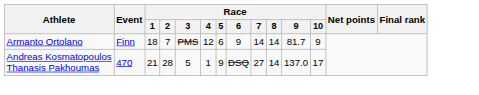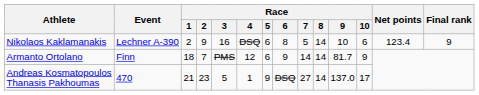 <table class="wikitable" style="font-size:90%">
 <tr>
 <th rowspan="2">Athlete</th>
 <th rowspan="2">Event</th>
 <th colspan=10>Race</th>
 <th rowspan=2>Net points</th>
 <th rowspan=2>Final rank</th>
 </tr>
 <tr style="font-size:95%">
 <th>1</th>
 <th>2</th>
 <th>3</th>
 <th>4</th>
 <th>5</th>
 <th>6</th>
 <th>7</th>
 <th>8</th>
 <th>9</th>
 <th>10</th>
 </tr>
 <tr align=center>
+<td align=left><a href='#'>Nikolaos Kaklamanakis</a></td>
+<td align=left><a href='#'>Lechner A-390</a></td>
+<td>2</td>
+<td>9</td>
+<td>16</td>
+<td><s>DSQ</s></td>
+<td>6</td>
+<td>8</td>
+<td>5</td>
+<td>14</td>
+<td>10</td>
+<td>6</td>
+<td>123.4</td>
+<td>9</td>
+</tr>
+<tr align=center>
 <td align=left><a href='#'>Armanto Ortolano</a></td>
 <td align=left><a href='#'>Finn</a></td>
 <td>18</td>
 <td>7</td>
 <td><s>PMS</s></td>
 <td>12</td>
 <td>6</td>
 <td>9</td>
 <td>14</td>
 <td>14</td>
 <td>81.7</td>
 <td>9</td>
 </tr>
 <tr align=center>
 <td align=left><a href='#'>Andreas Kosmatopoulos</a><br><a href='#'>Thanasis Pakhoumas</a></td>
 <td align=left><a href='#'>470</a></td>
 <td>21</td>
-<td>28</td>
+<td>23</td>
 <td>5</td>
 <td>1</td>
 <td>9</td>
 <td><s>DSQ</s></td>
 <td>27</td>
 <td>14</td>
 <td>137.0</td>
 <td>17</td>
 </tr>
 </table>
